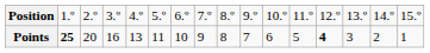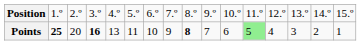 <table class="wikitable" style="font-size: 100%;">
 <tr>
 <th>Position</th>
 <td width=20>1.º</td>
 <td width=20>2.º</td>
 <td width=20>3.º</td>
 <td width=20>4.º</td>
 <td width=20>5.º</td>
 <td width=20>6.º</td>
 <td width=20>7.º</td>
 <td width=20>8.º</td>
 <td width=20>9.º</td>
 <td width=20>10.º</td>
 <td width=20>11.º</td>
 <td width=20>12.º</td>
 <td width=20>13.º</td>
 <td width=20>14.º</td>
 <td width=20>15.º</td>
 </tr>
 <tr>
 <th>Points</th>
 <td><strong>25</strong></td>
 <td>20</td>
-<td>16</td>
+<td><strong>16</strong></td>
 <td>13</td>
 <td>11</td>
 <td>10</td>
 <td>9</td>
-<td>8</td>
+<td><strong>8</strong></td>
 <td>7</td>
 <td>6</td>
-<td>5</td>
-<td><strong>4</strong></td>
+<td style="background: lightgreen;">5</td>
+<td>4</td>
 <td>3</td>
 <td>2</td>
 <td>1</td>
 </tr>
 </table>
